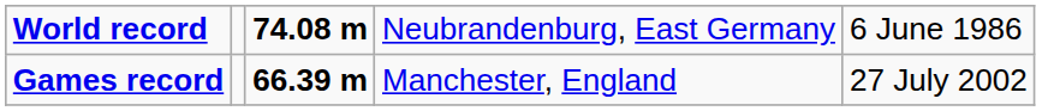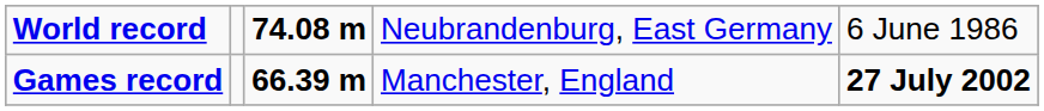 <table class="wikitable">
 <tr>
 <td><a href='#'><strong>World record</strong></a></td>
 <td></td>
 <td><strong>74.08 m</strong></td>
 <td><a href='#'>Neubrandenburg</a>, <a href='#'>East Germany</a></td>
 <td>6 June 1986</td>
 </tr>
 <tr>
 <td><a href='#'><strong>Games record</strong></a></td>
 <td></td>
 <td><strong>66.39 m</strong></td>
 <td><a href='#'>Manchester</a>, <a href='#'>England</a></td>
-<td>27 July 2002</td>
+<td><strong>27 July 2002</strong></td>
 </tr>
 </table>
